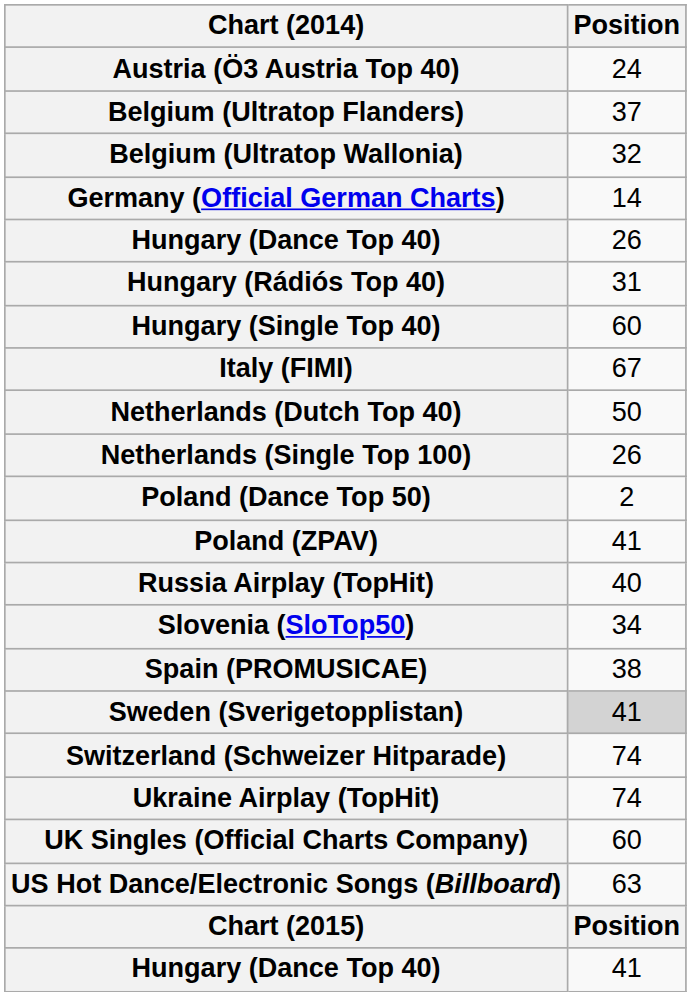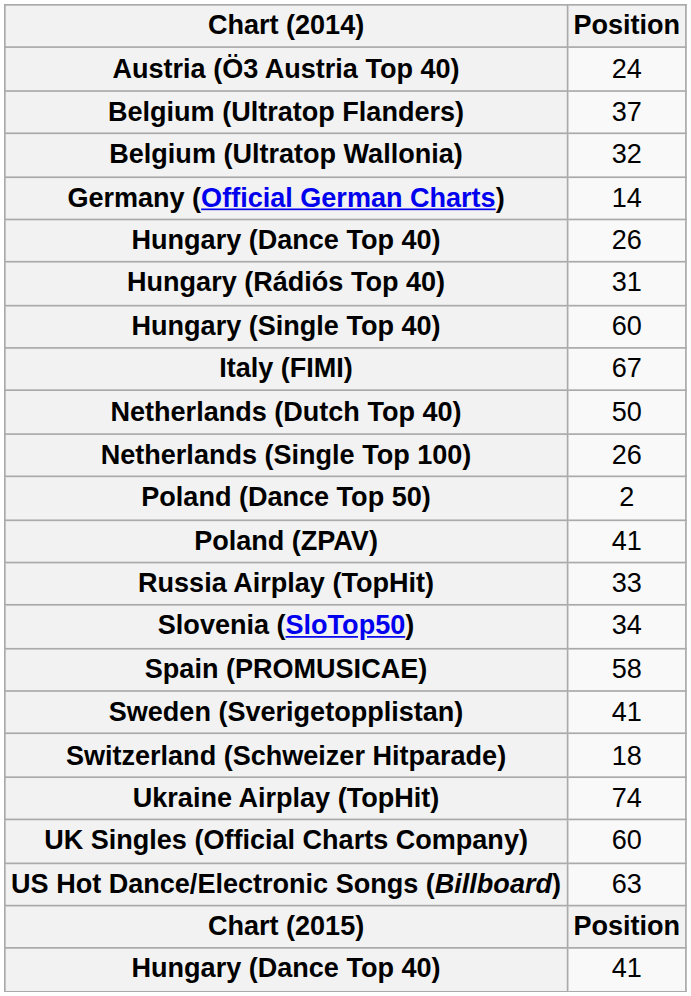 <table class="wikitable sortable plainrowheaders">
 <tr>
 <th scope="col">Chart (2014)</th>
 <th scope="col">Position</th>
 </tr>
 <tr>
 <th scope="row">Austria (Ö3 Austria Top 40)</th>
 <td style="text-align:center;">24</td>
 </tr>
 <tr>
 <th scope="row">Belgium (Ultratop Flanders)</th>
 <td style="text-align:center;">37</td>
 </tr>
 <tr>
 <th scope="row">Belgium (Ultratop Wallonia)</th>
 <td style="text-align:center;">32</td>
 </tr>
 <tr>
 <th scope="row">Germany (<a href='#'>Official German Charts</a>)</th>
 <td style="text-align:center;">14</td>
 </tr>
 <tr>
 <th scope="row">Hungary (Dance Top 40)</th>
 <td style="text-align:center;">26</td>
 </tr>
 <tr>
 <th scope="row">Hungary (Rádiós Top 40)</th>
 <td style="text-align:center;">31</td>
 </tr>
 <tr>
 <th scope="row">Hungary (Single Top 40)</th>
 <td style="text-align:center;">60</td>
 </tr>
 <tr>
 <th scope="row">Italy (FIMI)</th>
 <td style="text-align:center;">67</td>
 </tr>
 <tr>
 <th scope="row">Netherlands (Dutch Top 40)</th>
 <td style="text-align:center;">50</td>
 </tr>
 <tr>
 <th scope="row">Netherlands (Single Top 100)</th>
 <td style="text-align:center;">26</td>
 </tr>
 <tr>
 <th scope="row">Poland (Dance Top 50)</th>
 <td style="text-align:center;">2</td>
 </tr>
 <tr>
 <th scope="row">Poland (ZPAV)</th>
 <td style="text-align:center;">41</td>
 </tr>
 <tr>
 <th scope="row">Russia Airplay (TopHit)</th>
-<td style="text-align:center;">40</td>
+<td style="text-align:center;">33</td>
 </tr>
 <tr>
 <th scope="row">Slovenia (<a href='#'>SloTop50</a>)</th>
 <td align=center>34</td>
 </tr>
 <tr>
 <th scope="row">Spain (PROMUSICAE)</th>
-<td align=center>38</td>
+<td align=center>58</td>
 </tr>
 <tr>
 <th scope="row">Sweden (Sverigetopplistan)</th>
-<td style="background: lightgrey; text-align:center;">41</td>
+<td style="text-align:center;">41</td>
 </tr>
 <tr>
 <th scope="row">Switzerland (Schweizer Hitparade)</th>
-<td style="text-align:center;">74</td>
+<td style="text-align:center;">18</td>
 </tr>
 <tr>
 <th scope="row">Ukraine Airplay (TopHit)</th>
 <td style="text-align:center;">74</td>
 </tr>
 <tr>
 <th scope="row">UK Singles (Official Charts Company)</th>
 <td style="text-align:center;">60</td>
 </tr>
 <tr>
 <th scope="row">US Hot Dance/Electronic Songs (<em>Billboard</em>)</th>
 <td style="text-align:center;">63</td>
 </tr>
 <tr>
 <th>Chart (2015)</th>
 <th>Position</th>
 </tr>
 <tr>
 <th scope="row">Hungary (Dance Top 40)</th>
 <td style="text-align:center;">41</td>
 </tr>
 </table>
